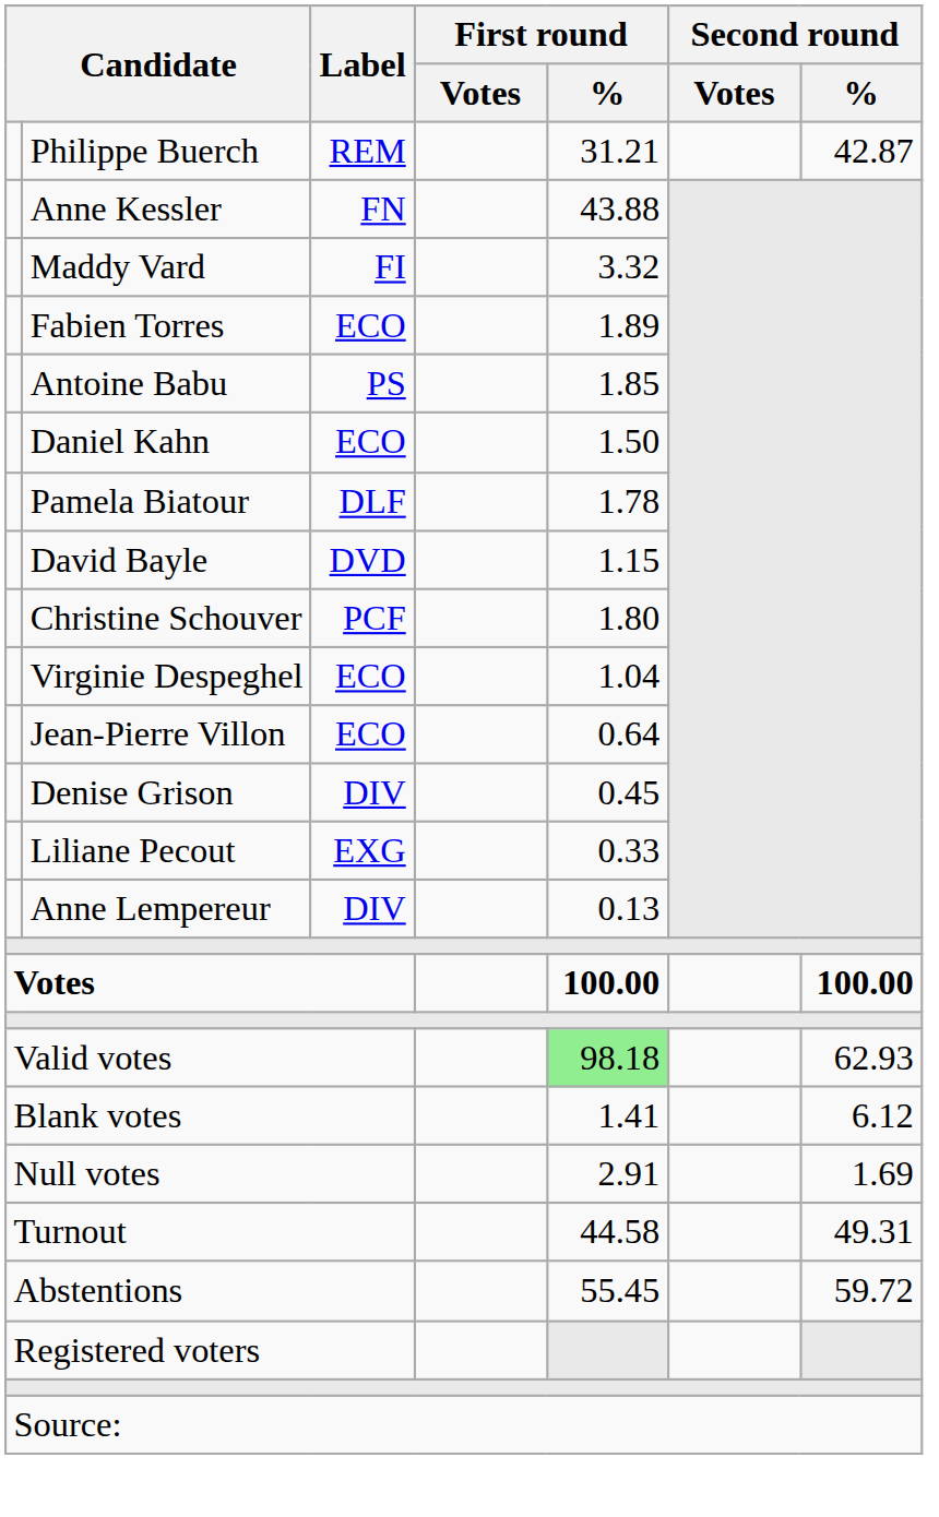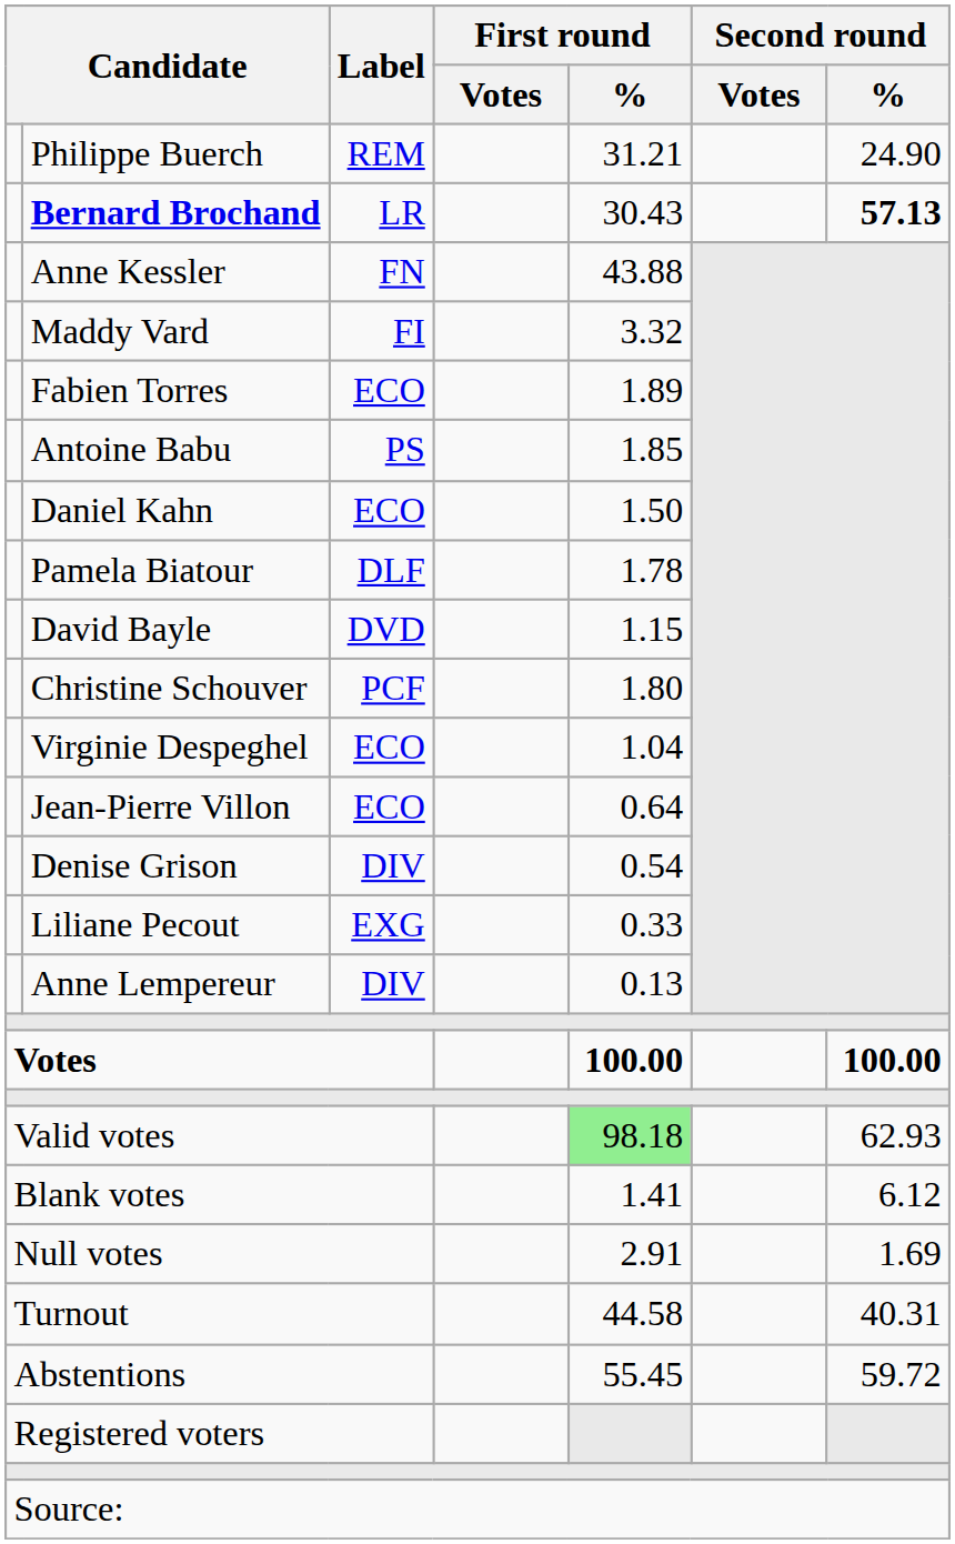 <table class="wikitable" style="text-align:right;font-size:95%;">
 <tr>
 <th colspan="2" rowspan="2">Candidate</th>
 <th rowspan="2">Label</th>
 <th colspan="2">First round</th>
 <th colspan="2">Second round</th>
 </tr>
 <tr>
 <th style="width:50px;">Votes</th>
 <th style="width:45px;">%</th>
 <th style="width:50px;">Votes</th>
 <th style="width:45px;">%</th>
 </tr>
 <tr>
 <td style="color:inherit;background:"></td>
 <td style="text-align:left;">Philippe Buerch</td>
 <td><a href='#'>REM</a></td>
 <td></td>
 <td>31.21</td>
 <td></td>
-<td>42.87</td>
+<td>24.90</td>
+</tr>
+<tr>
+<td style="color:inherit;background:"></td>
+<td style="text-align:left;"><strong><a href='#'>Bernard Brochand</a></strong></td>
+<td><a href='#'>LR</a></td>
+<td></td>
+<td>30.43</td>
+<td><strong></strong></td>
+<td><strong>57.13</strong></td>
 </tr>
 <tr>
 <td style="color:inherit;background:"></td>
 <td style="text-align:left;">Anne Kessler</td>
 <td><a href='#'>FN</a></td>
 <td></td>
 <td>43.88</td>
 <td colspan="2" rowspan="13" style="background:#E9E9E9;"></td>
 </tr>
 <tr>
 <td style="color:inherit;background:"></td>
 <td style="text-align:left;">Maddy Vard</td>
 <td><a href='#'>FI</a></td>
 <td></td>
 <td>3.32</td>
 </tr>
 <tr>
 <td style="color:inherit;background:"></td>
 <td style="text-align:left;">Fabien Torres</td>
 <td><a href='#'>ECO</a></td>
 <td></td>
 <td>1.89</td>
 </tr>
 <tr>
 <td style="color:inherit;background:"></td>
 <td style="text-align:left;">Antoine Babu</td>
 <td><a href='#'>PS</a></td>
 <td></td>
 <td>1.85</td>
 </tr>
 <tr>
 <td style="color:inherit;background:"></td>
 <td style="text-align:left;">Daniel Kahn</td>
 <td><a href='#'>ECO</a></td>
 <td></td>
 <td>1.50</td>
 </tr>
 <tr>
 <td style="color:inherit;background:"></td>
 <td style="text-align:left;">Pamela Biatour</td>
 <td><a href='#'>DLF</a></td>
 <td></td>
 <td>1.78</td>
 </tr>
 <tr>
 <td style="color:inherit;background:"></td>
 <td style="text-align:left;">David Bayle</td>
 <td><a href='#'>DVD</a></td>
 <td></td>
 <td>1.15</td>
 </tr>
 <tr>
 <td style="color:inherit;background:"></td>
 <td style="text-align:left;">Christine Schouver</td>
 <td><a href='#'>PCF</a></td>
 <td></td>
 <td>1.80</td>
 </tr>
 <tr>
 <td style="color:inherit;background:"></td>
 <td style="text-align:left;">Virginie Despeghel</td>
 <td><a href='#'>ECO</a></td>
 <td></td>
 <td>1.04</td>
 </tr>
 <tr>
 <td style="color:inherit;background:"></td>
 <td style="text-align:left;">Jean-Pierre Villon</td>
 <td><a href='#'>ECO</a></td>
 <td></td>
 <td>0.64</td>
 </tr>
 <tr>
 <td style="color:inherit;background:"></td>
 <td style="text-align:left;">Denise Grison</td>
 <td><a href='#'>DIV</a></td>
 <td></td>
-<td>0.45</td>
+<td>0.54</td>
 </tr>
 <tr>
 <td style="color:inherit;background:"></td>
 <td style="text-align:left;">Liliane Pecout</td>
 <td><a href='#'>EXG</a></td>
 <td></td>
 <td>0.33</td>
 </tr>
 <tr>
 <td style="color:inherit;background:"></td>
 <td style="text-align:left;">Anne Lempereur</td>
 <td><a href='#'>DIV</a></td>
 <td></td>
 <td>0.13</td>
 </tr>
 <tr>
 <td colspan="7" style="background:#E9E9E9;"></td>
 </tr>
 <tr style="font-weight:bold;">
 <td colspan="3" style="text-align:left;">Votes</td>
 <td></td>
 <td>100.00</td>
 <td></td>
 <td>100.00</td>
 </tr>
 <tr>
 <td colspan="7" style="background:#E9E9E9;"></td>
 </tr>
 <tr>
 <td colspan="3" style="text-align:left;">Valid votes</td>
 <td></td>
 <td style="background: lightgreen;">98.18</td>
 <td></td>
 <td>62.93</td>
 </tr>
 <tr>
 <td colspan="3" style="text-align:left;">Blank votes</td>
 <td></td>
 <td>1.41</td>
 <td></td>
 <td>6.12</td>
 </tr>
 <tr>
 <td colspan="3" style="text-align:left;">Null votes</td>
 <td></td>
 <td>2.91</td>
 <td></td>
 <td>1.69</td>
 </tr>
 <tr>
 <td colspan="3" style="text-align:left;">Turnout</td>
 <td></td>
 <td>44.58</td>
 <td></td>
-<td>49.31</td>
+<td>40.31</td>
 </tr>
 <tr>
 <td colspan="3" style="text-align:left;">Abstentions</td>
 <td></td>
 <td>55.45</td>
 <td></td>
 <td>59.72</td>
 </tr>
 <tr>
 <td colspan="3" style="text-align:left;">Registered voters</td>
 <td></td>
 <td style="background:#E9E9E9;"></td>
 <td></td>
 <td style="background:#E9E9E9;"></td>
 </tr>
 <tr>
 <td colspan="7" style="background:#E9E9E9;"></td>
 </tr>
 <tr>
 <td colspan="7" style="text-align:left;">Source: </td>
 </tr>
 </table>
